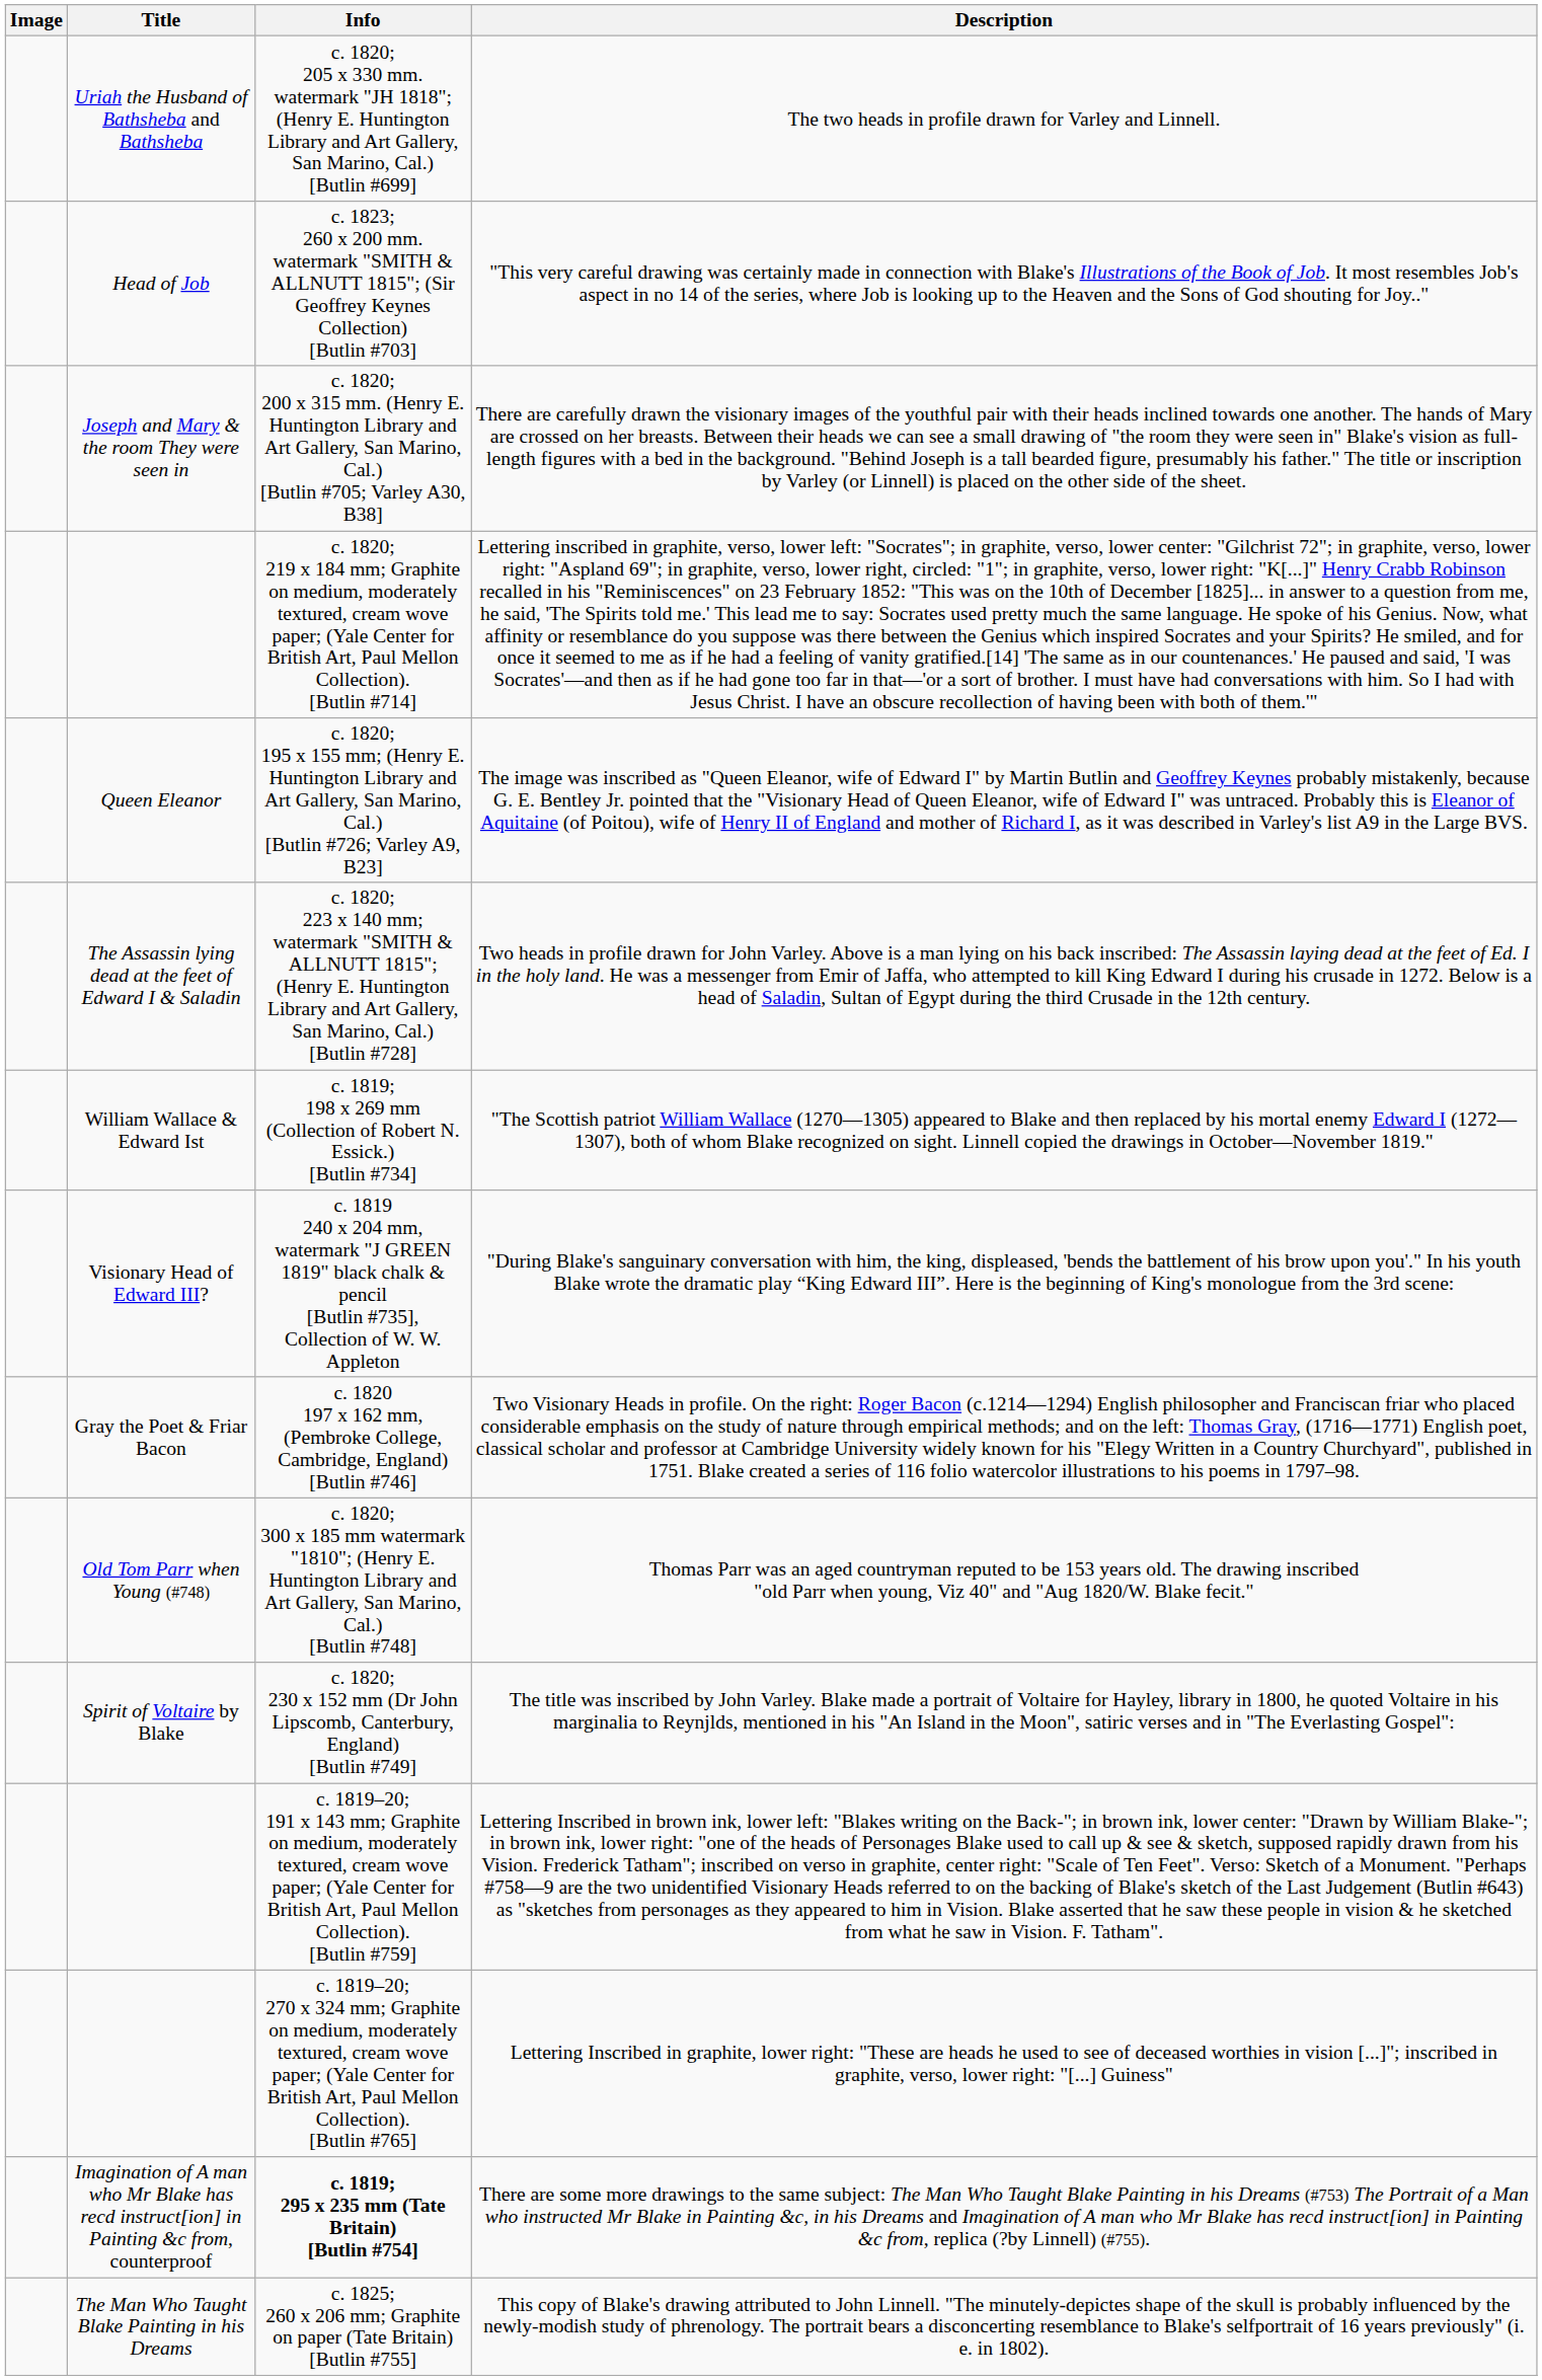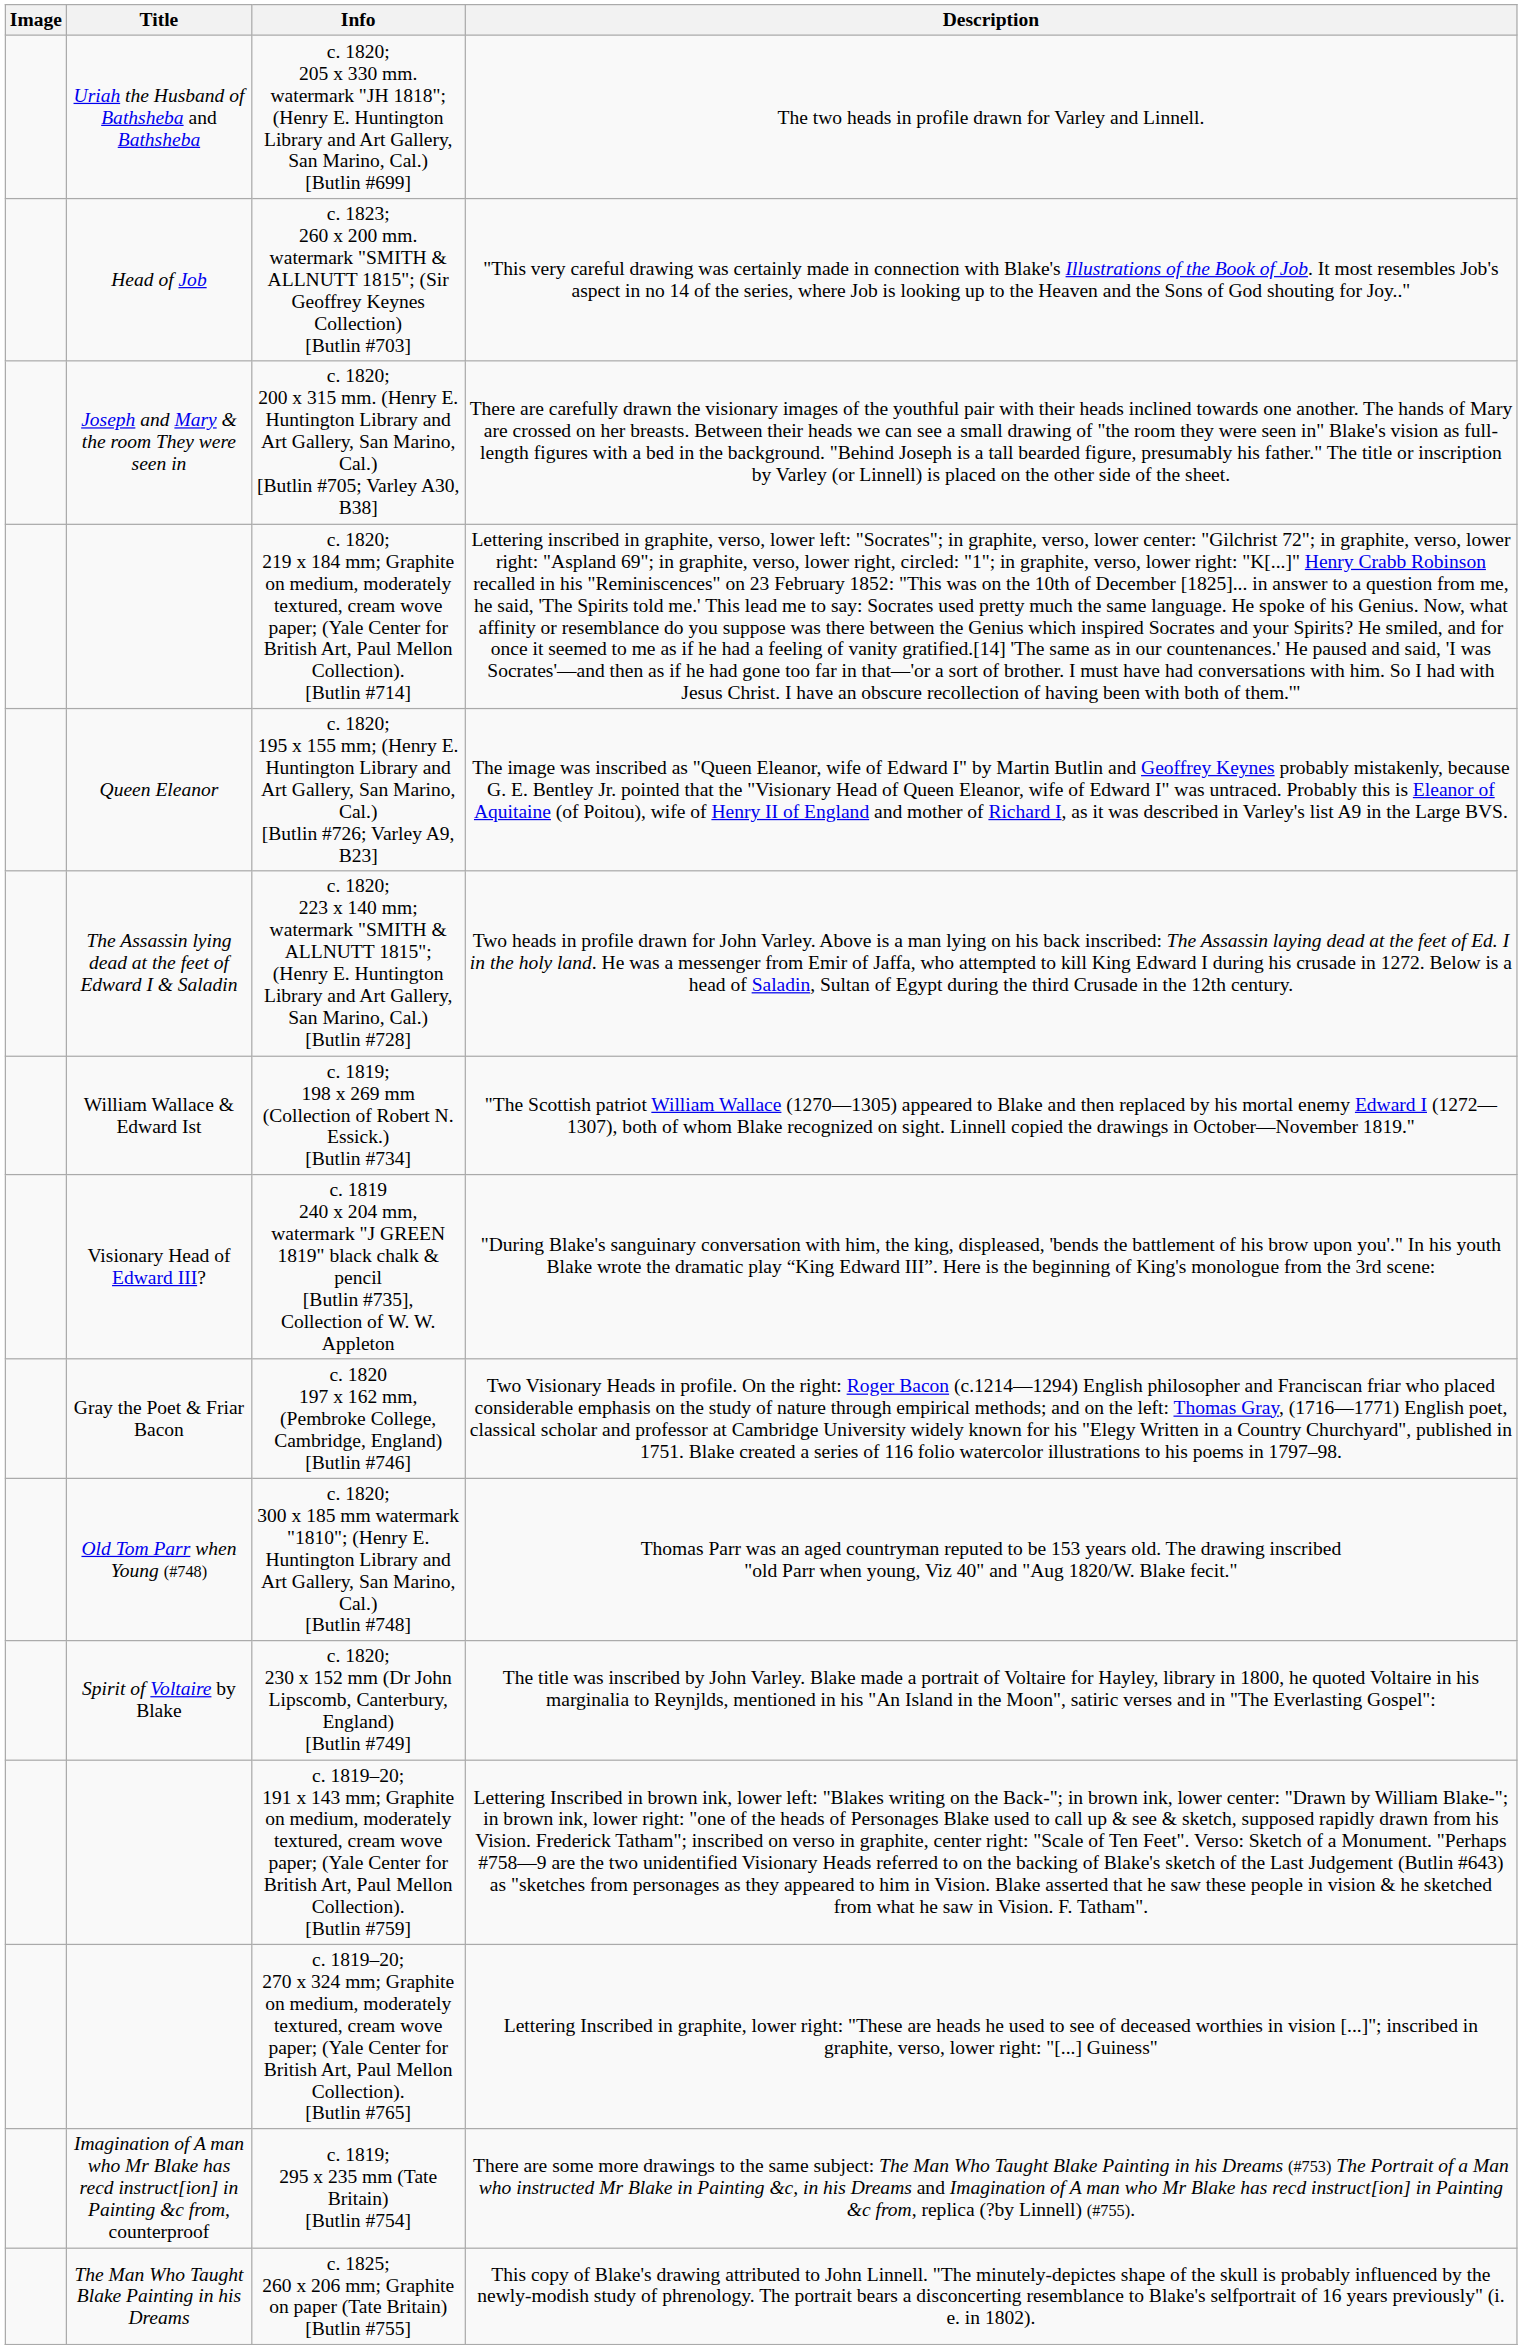 <table class="wikitable" style="margin-left:0.5em; text-align:center">
 <tr>
 <th>Image</th>
 <th>Title</th>
 <th>Info</th>
 <th>Description</th>
 </tr>
 <tr>
 <td></td>
 <td><em><a href='#'>Uriah</a> the Husband of <a href='#'>Bathsheba</a></em> and  <em><a href='#'>Bathsheba</a></em></td>
 <td>c. 1820; <br> 205 x 330 mm.  watermark "JH 1818";  (Henry E. Huntington Library and Art Gallery, San Marino, Cal.)   <br> [Butlin #699]</td>
 <td>The two heads in profile drawn for Varley and Linnell.</td>
 </tr>
 <tr>
 <td></td>
 <td><em>Head of <a href='#'>Job</a></em></td>
 <td>c. 1823; <br> 260 x 200 mm.  watermark "SMITH & ALLNUTT 1815"; (Sir Geoffrey Keynes Collection) <br> [Butlin #703]</td>
 <td>"This very careful drawing was certainly made in connection with Blake's <a href='#'><em>Illustrations of the Book of Job</em></a>. It most resembles Job's aspect in no 14 of the series, where Job is looking up to the Heaven and the Sons of God shouting for Joy.."</td>
 </tr>
 <tr>
 <td></td>
 <td><em><a href='#'>Joseph</a> and <a href='#'>Mary</a> & the room They were seen in</em></td>
 <td>c. 1820; <br> 200 x 315 mm.  (Henry E. Huntington Library and Art Gallery, San Marino, Cal.) <br> [Butlin #705; Varley A30, B38]</td>
 <td>There are carefully drawn the visionary images of the youthful pair with their heads inclined towards one another. The hands of Mary are crossed on her breasts. Between their heads we can see a small drawing of "the room they were seen in" Blake's vision as full-length figures with a bed in the background. "Behind Joseph is a tall bearded figure, presumably his father." The title or inscription by Varley (or Linnell) is placed on the other side of the sheet.</td>
 </tr>
 <tr>
 <td></td>
 <td></td>
 <td>c. 1820; <br>219 x 184 mm; Graphite on medium, moderately textured, cream wove paper; (Yale Center for British Art, Paul Mellon Collection). <br> [Butlin #714]</td>
 <td>Lettering inscribed in graphite, verso, lower left: "Socrates"; in graphite, verso, lower center: "Gilchrist 72"; in graphite, verso, lower right: "Aspland 69"; in graphite, verso, lower right, circled: "1"; in graphite, verso, lower right: "K[...]"  <a href='#'>Henry Crabb Robinson</a> recalled in his "Reminiscences" on 23 February 1852: "This was on the 10th of December [1825]... in answer to a question from me, he said, 'The Spirits told me.' This lead me to say: Socrates used pretty much the same language. He spoke of his Genius. Now, what affinity or resemblance do you suppose was there between the Genius which inspired Socrates and your Spirits? He smiled, and for once it seemed to me as if he had a feeling of vanity gratified.[14] 'The same as in our countenances.' He paused and said, 'I was Socrates'—and then as if he had gone too far in that—'or a sort of brother. I must have had conversations with him. So I had with Jesus Christ. I have an obscure recollection of having been with both of them.'"</td>
 </tr>
 <tr>
 <td></td>
 <td><em>Queen Eleanor</em></td>
 <td>c. 1820; <br>195 x 155 mm; (Henry E. Huntington Library and Art Gallery, San Marino, Cal.) <br>  [Butlin #726; Varley A9, B23]</td>
 <td>The image was inscribed as "Queen Eleanor, wife of Edward I" by Martin Butlin and <a href='#'>Geoffrey Keynes</a> probably mistakenly, because G. E. Bentley Jr. pointed that the "Visionary Head of Queen Eleanor, wife of Edward I" was untraced. Probably this is <a href='#'>Eleanor of Aquitaine</a> (of Poitou), wife of <a href='#'>Henry II of England</a> and mother of <a href='#'>Richard I</a>, as it was described in Varley's list A9 in the Large BVS.</td>
 </tr>
 <tr>
 <td></td>
 <td><em>The Assassin lying dead at the feet of Edward I & Saladin</em></td>
 <td>c. 1820; <br>223 x 140 mm; watermark "SMITH & ALLNUTT 1815"; (Henry E. Huntington Library and Art Gallery, San Marino, Cal.) <br> [Butlin #728]</td>
 <td>Two heads in profile drawn for John Varley. Above is a man lying on his back inscribed: <em>The Assassin laying dead at the feet of Ed. I in the holy land</em>. He was a messenger from Emir of Jaffa, who attempted to kill King Edward I during his crusade in 1272. Below is a head of <a href='#'>Saladin</a>, Sultan of Egypt during the third Crusade in the 12th century.</td>
 </tr>
 <tr>
 <td></td>
 <td>William Wallace & Edward Ist</td>
 <td>c. 1819; <br>198 x 269 mm (Collection of Robert N. Essick.) <br> [Butlin #734]</td>
 <td>"The Scottish patriot <a href='#'>William Wallace</a> (1270—1305) appeared to Blake and then replaced by his mortal enemy  <a href='#'>Edward I</a> (1272—1307), both of whom Blake recognized on sight. Linnell copied the drawings in October—November 1819."</td>
 </tr>
 <tr>
 <td></td>
 <td>Visionary Head of <a href='#'>Edward III</a>?</td>
 <td>c. 1819 <br>240 x 204 mm, watermark "J GREEN 1819" black chalk & pencil  <br> [Butlin #735], <br> Collection of W. W. Appleton</td>
 <td>"During Blake's sanguinary conversation with him, the king, displeased, 'bends the battlement of his brow upon you'." In his youth Blake wrote the dramatic play “King Edward III”. Here is the beginning of King's monologue from the 3rd scene:<br><br></td>
 </tr>
 <tr>
 <td></td>
 <td>Gray the Poet & Friar Bacon</td>
 <td>c. 1820 <br>197 x 162 mm,  (Pembroke College, Cambridge, England)  <br>[Butlin #746]</td>
 <td>Two Visionary Heads in profile. On the right: <a href='#'>Roger Bacon</a> (c.1214—1294) English philosopher and Franciscan friar who placed considerable emphasis on the study of nature through empirical methods; and on the left: <a href='#'>Thomas Gray</a>, (1716—1771)  English poet, classical scholar and professor at Cambridge University widely known for his "Elegy Written in a Country Churchyard", published in 1751. Blake created a series of 116 folio watercolor illustrations to his poems in 1797–98.</td>
 </tr>
 <tr>
 <td></td>
 <td><em><a href='#'>Old Tom Parr</a> when Young</em> <small>(#748) </small></td>
 <td>c. 1820; <br>300 x 185 mm watermark "1810";  (Henry E. Huntington Library and Art Gallery, San Marino, Cal.)   <br> [Butlin #748]</td>
 <td>Thomas Parr was an aged countryman reputed to be 153 years old. The drawing inscribed<br>"old Parr when young, Viz 40" and "Aug 1820/W. Blake fecit."</td>
 </tr>
 <tr>
 <td></td>
 <td><em>Spirit of <a href='#'>Voltaire</a></em> by Blake</td>
 <td>c. 1820; <br>230 x 152 mm   (Dr John Lipscomb, Canterbury, England)   <br> [Butlin #749]</td>
 <td>The title was inscribed by John Varley. Blake made a portrait of Voltaire for Hayley, library in 1800, he quoted Voltaire in his marginalia to Reynjlds, mentioned in his "An Island in the Moon", satiric verses and in "The Everlasting Gospel":<br><br> </td>
 </tr>
 <tr>
 <td></td>
 <td></td>
 <td>c. 1819–20; <br>191 x 143 mm; Graphite on medium, moderately textured, cream wove paper; (Yale Center for British Art, Paul Mellon Collection). <br> [Butlin #759]</td>
 <td>Lettering Inscribed in brown ink, lower left: "Blakes writing on the Back-"; in brown ink, lower center: "Drawn by William Blake-"; in brown ink, lower right: "one of the heads of Personages Blake used to call up & see & sketch, supposed rapidly drawn from his Vision. Frederick Tatham"; inscribed on verso in graphite, center right: "Scale of Ten Feet". Verso: Sketch of a Monument. "Perhaps #758—9 are the two unidentified Visionary Heads referred to on the backing of Blake's sketch of the Last Judgement (Butlin #643) as "sketches from personages as they appeared to him in Vision. Blake asserted that he saw these people in vision & he sketched from what he saw in Vision. F. Tatham".</td>
 </tr>
 <tr>
 <td></td>
 <td></td>
 <td>c. 1819–20; <br>270 x 324 mm; Graphite on medium, moderately textured, cream wove paper; (Yale Center for British Art, Paul Mellon Collection). <br> [Butlin #765]</td>
 <td>Lettering Inscribed in graphite, lower right: "These are heads he used to see of deceased worthies in vision [...]"; inscribed in graphite, verso, lower right: "[...] Guiness"</td>
 </tr>
 <tr>
 <td></td>
 <td><em>Imagination  of A man who Mr Blake has recd instruct[ion] in Painting &c from</em>, counterproof</td>
-<td><strong>c. 1819; <br>295 x 235 mm  (Tate Britain)   <br> [Butlin #754]</strong></td>
+<td>c. 1819; <br>295 x 235 mm  (Tate Britain)   <br> [Butlin #754]</td>
 <td>There are some more drawings to the same subject: <em>The Man Who Taught Blake Painting in his Dreams</em>  <small> (#753)</small> <em>The Portrait of a Man who instructed Mr Blake in Painting &c, in his Dreams</em> and  <em>Imagination  of A man who Mr Blake has recd instruct[ion] in Painting &c from</em>, replica (?by Linnell) <small>(#755)</small>.</td>
 </tr>
 <tr>
 <td></td>
 <td><em>The Man Who Taught Blake Painting in his Dreams</em></td>
 <td>c. 1825; <br> 260 x 206 mm; Graphite on paper (Tate Britain) <br> [Butlin #755]</td>
 <td>This copy of Blake's drawing attributed to John Linnell. "The minutely-depictes shape of the skull is probably influenced by the newly-modish study of phrenology. The portrait bears a disconcerting resemblance to Blake's selfportrait of 16 years previously" (i. e. in 1802).<br></td>
 </tr>
 <tr>
 </tr>
 </table>
